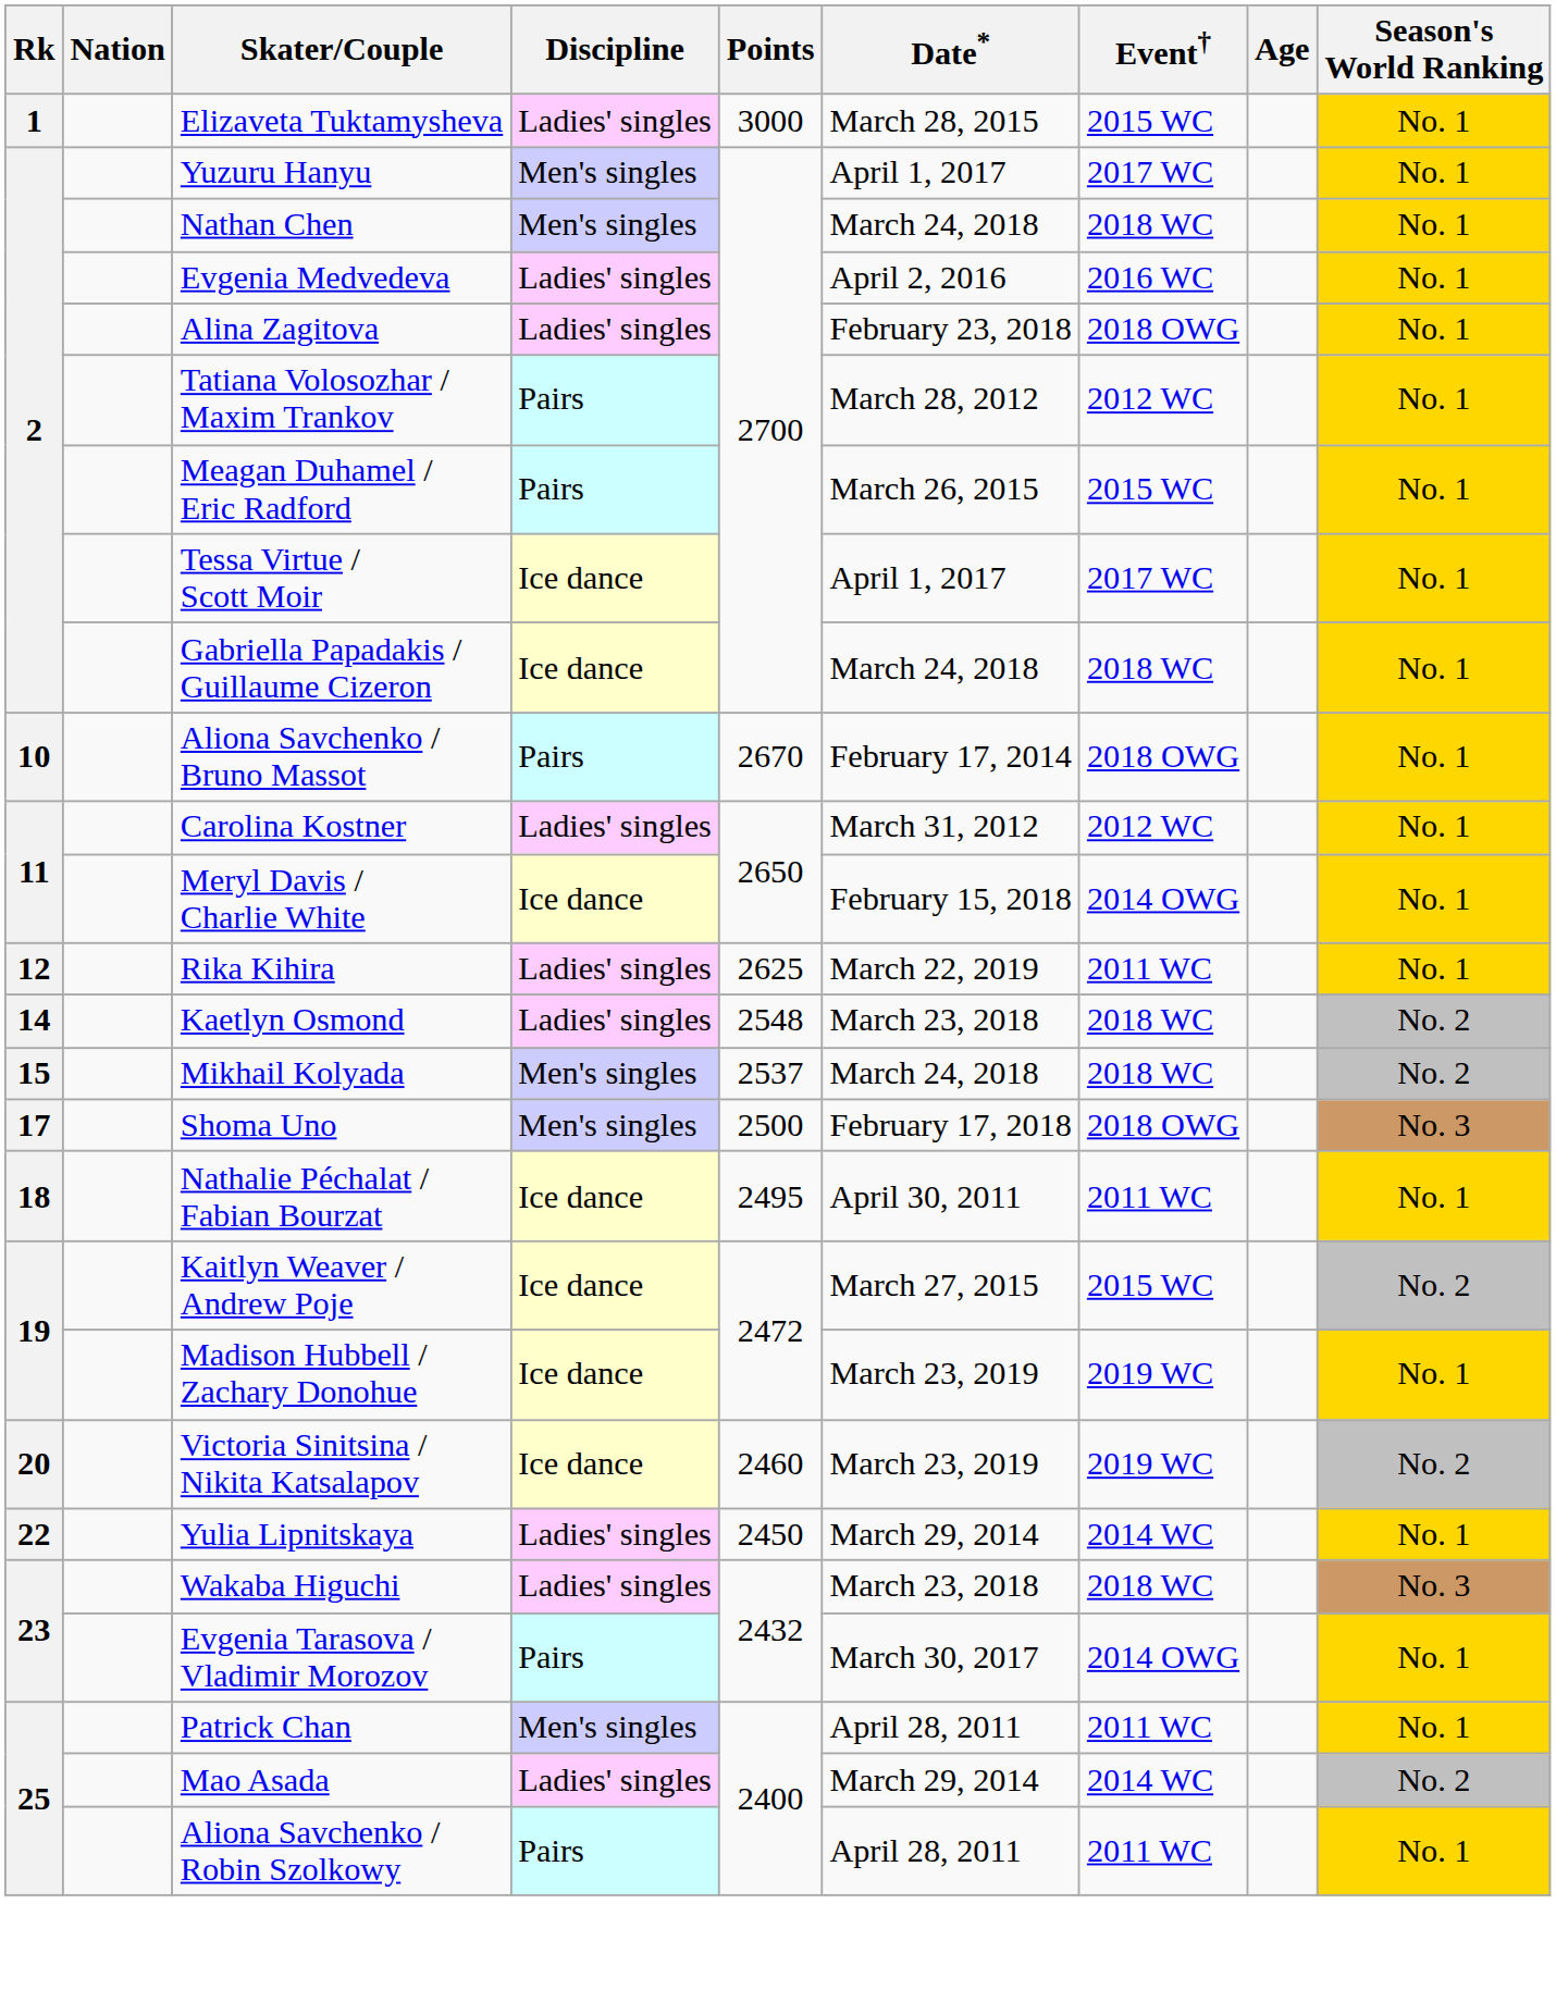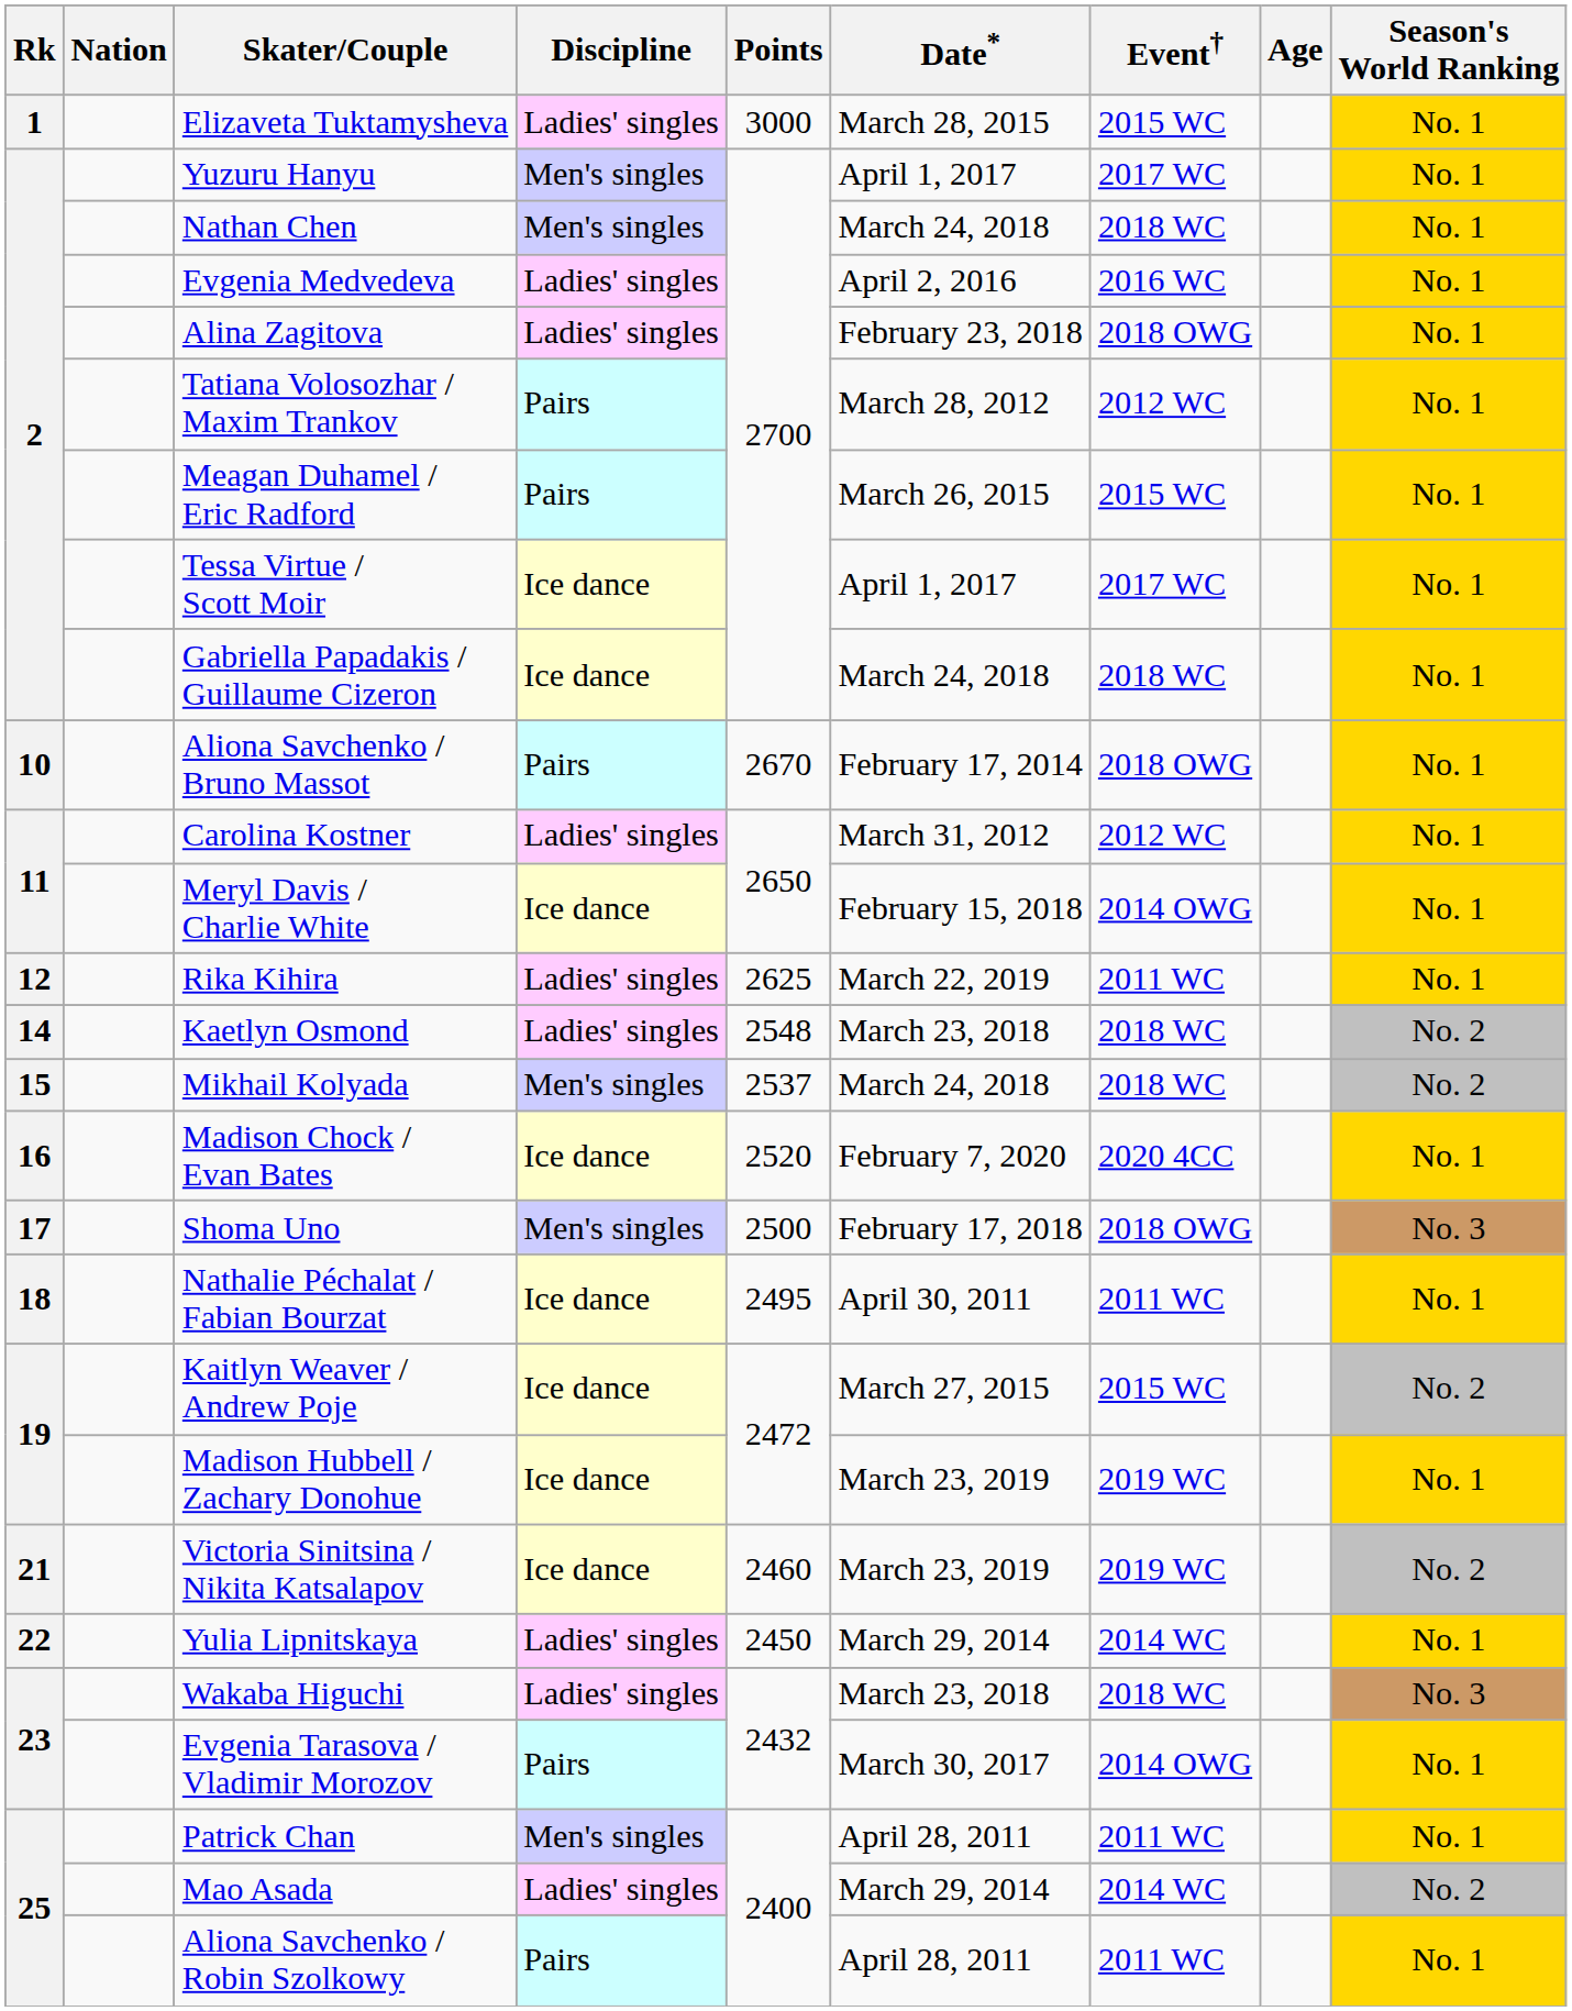 <table class="wikitable sortable">
 <tr>
 <th>Rk</th>
 <th>Nation</th>
 <th>Skater/Couple</th>
 <th>Discipline</th>
 <th>Points</th>
 <th>Date<sup>*</sup></th>
 <th>Event<sup>†</sup></th>
 <th>Age</th>
 <th>Season's<br>World  Ranking</th>
 </tr>
 <tr>
 <th>1</th>
 <td></td>
 <td><a href='#'>Elizaveta Tuktamysheva</a></td>
 <td style="background-color: #fcf;">Ladies' singles</td>
 <td style="text-align: center;">3000</td>
 <td>March 28, 2015</td>
 <td><a href='#'>2015 WC</a></td>
 <td></td>
 <td style="background-color: gold; text-align: center;">No. 1</td>
 </tr>
 <tr>
 <th rowspan="8">2</th>
 <td></td>
 <td><a href='#'>Yuzuru Hanyu</a></td>
 <td style="background-color: #ccf;">Men's singles</td>
 <td rowspan="8" style="text-align: center;">2700</td>
 <td>April 1, 2017</td>
 <td><a href='#'>2017 WC</a></td>
 <td></td>
 <td style="background-color: gold; text-align: center;">No. 1</td>
 </tr>
 <tr>
 <td></td>
 <td><a href='#'>Nathan Chen</a></td>
 <td style="background-color: #ccf;">Men's singles</td>
 <td>March 24, 2018</td>
 <td><a href='#'>2018 WC</a></td>
 <td></td>
 <td style="background-color: gold; text-align: center;">No. 1</td>
 </tr>
 <tr>
 <td></td>
 <td><a href='#'>Evgenia Medvedeva</a></td>
 <td style="background-color: #fcf;">Ladies' singles</td>
 <td>April 2, 2016</td>
 <td><a href='#'>2016 WC</a></td>
 <td></td>
 <td style="background-color: gold; text-align: center;">No. 1</td>
 </tr>
 <tr>
 <td></td>
 <td><a href='#'>Alina Zagitova</a></td>
 <td style="background-color: #fcf;">Ladies' singles</td>
 <td>February 23, 2018</td>
 <td><a href='#'>2018 OWG</a></td>
 <td></td>
 <td style="background-color: gold; text-align: center;">No. 1</td>
 </tr>
 <tr>
 <td></td>
 <td><a href='#'>Tatiana Volosozhar</a> /<br><a href='#'>Maxim Trankov</a></td>
 <td style="background-color: #cff;">Pairs</td>
 <td>March 28, 2012</td>
 <td><a href='#'>2012 WC</a></td>
 <td><br></td>
 <td style="background-color: gold; text-align: center;">No. 1</td>
 </tr>
 <tr>
 <td></td>
 <td><a href='#'>Meagan Duhamel</a> /<br><a href='#'>Eric Radford</a></td>
 <td style="background-color: #cff;">Pairs</td>
 <td>March 26, 2015</td>
 <td><a href='#'>2015 WC</a></td>
 <td><br></td>
 <td style="background-color: gold; text-align: center;">No. 1</td>
 </tr>
 <tr>
 <td></td>
 <td><a href='#'>Tessa Virtue</a> /<br><a href='#'>Scott Moir</a></td>
 <td style="background-color: #ffc;">Ice dance</td>
 <td>April 1, 2017</td>
 <td><a href='#'>2017 WC</a></td>
 <td><br></td>
 <td style="background-color: gold; text-align: center;">No. 1</td>
 </tr>
 <tr>
 <td></td>
 <td><a href='#'>Gabriella Papadakis</a> /<br><a href='#'>Guillaume Cizeron</a></td>
 <td style="background-color: #ffc;">Ice dance</td>
 <td>March 24, 2018</td>
 <td><a href='#'>2018 WC</a></td>
 <td><br></td>
 <td style="background-color: gold; text-align: center;">No. 1</td>
 </tr>
 <tr>
 <th>10</th>
 <td></td>
 <td><a href='#'>Aliona Savchenko</a> /<br><a href='#'>Bruno Massot</a></td>
 <td style="background-color: #cff;">Pairs</td>
 <td style="text-align: center;">2670</td>
 <td>February 17, 2014</td>
 <td><a href='#'>2018 OWG</a></td>
 <td><br></td>
 <td style="background-color: gold; text-align: center;">No. 1</td>
 </tr>
 <tr>
 <th rowspan="2">11</th>
 <td></td>
 <td><a href='#'>Carolina Kostner</a></td>
 <td style="background-color: #fcf;">Ladies' singles</td>
 <td rowspan="2" style="text-align: center;">2650</td>
 <td>March 31, 2012</td>
 <td><a href='#'>2012 WC</a></td>
 <td></td>
 <td style="background-color: gold; text-align: center;">No. 1</td>
 </tr>
 <tr>
 <td></td>
 <td><a href='#'>Meryl Davis</a> /<br><a href='#'>Charlie White</a></td>
 <td style="background-color: #ffc;">Ice dance</td>
 <td>February 15, 2018</td>
 <td><a href='#'>2014 OWG</a></td>
 <td><br></td>
 <td style="background-color: gold; text-align: center;">No. 1</td>
 </tr>
 <tr>
 <th>12</th>
 <td></td>
 <td><a href='#'>Rika Kihira</a></td>
 <td style="background-color: #fcf;">Ladies' singles</td>
 <td style="text-align: center;">2625</td>
 <td>March 22, 2019</td>
 <td><a href='#'>2011 WC</a></td>
 <td></td>
 <td style="background-color: gold; text-align: center;">No. 1</td>
 </tr>
 <tr>
 <th>14</th>
 <td></td>
 <td><a href='#'>Kaetlyn Osmond</a></td>
 <td style="background-color: #fcf;">Ladies' singles</td>
 <td style="text-align: center;">2548</td>
 <td>March 23, 2018</td>
 <td><a href='#'>2018 WC</a></td>
 <td></td>
 <td style="background-color: silver; text-align: center;">No. 2</td>
 </tr>
 <tr>
 <th>15</th>
 <td></td>
 <td><a href='#'>Mikhail Kolyada</a></td>
 <td style="background-color: #ccf;">Men's singles</td>
 <td style="text-align: center;">2537</td>
 <td>March 24, 2018</td>
 <td><a href='#'>2018 WC</a></td>
 <td></td>
 <td style="background-color: silver; text-align: center;">No. 2</td>
 </tr>
 <tr>
+<th>16</th>
+<td></td>
+<td><a href='#'>Madison Chock</a> /<br><a href='#'>Evan Bates</a></td>
+<td style="background-color: #ffc;">Ice dance</td>
+<td style="text-align: center;">2520</td>
+<td>February 7, 2020</td>
+<td><a href='#'>2020 4CC</a></td>
+<td><br></td>
+<td style="background-color: gold; text-align: center;">No. 1</td>
+</tr>
+<tr>
 <th>17</th>
 <td></td>
 <td><a href='#'>Shoma Uno</a></td>
 <td style="background-color: #ccf;">Men's singles</td>
 <td style="text-align: center;">2500</td>
 <td>February 17, 2018</td>
 <td><a href='#'>2018 OWG</a></td>
 <td></td>
 <td style="background-color: #cc9966; text-align: center;">No. 3</td>
 </tr>
 <tr>
 <th>18</th>
 <td></td>
 <td><a href='#'>Nathalie Péchalat</a> /<br><a href='#'>Fabian Bourzat</a></td>
 <td style="background-color: #ffc;">Ice dance</td>
 <td style="text-align: center;">2495</td>
 <td>April 30, 2011</td>
 <td><a href='#'>2011 WC</a></td>
 <td><br></td>
 <td style="background-color: gold; text-align: center;">No. 1</td>
 </tr>
 <tr>
 <th rowspan="2">19</th>
 <td></td>
 <td><a href='#'>Kaitlyn Weaver</a> /<br><a href='#'>Andrew Poje</a></td>
 <td style="background-color: #ffc;">Ice dance</td>
 <td rowspan="2" style="text-align: center;">2472</td>
 <td>March 27, 2015</td>
 <td><a href='#'>2015 WC</a></td>
 <td><br></td>
 <td style="background-color: silver; text-align: center;">No. 2</td>
 </tr>
 <tr>
 <td></td>
 <td><a href='#'>Madison Hubbell</a> /<br><a href='#'>Zachary Donohue</a></td>
 <td style="background-color: #ffc;">Ice dance</td>
 <td>March 23, 2019</td>
 <td><a href='#'>2019 WC</a></td>
 <td><br></td>
 <td style="background-color: gold; text-align: center;">No. 1</td>
 </tr>
 <tr>
-<th>20</th>
+<th>21</th>
 <td></td>
 <td><a href='#'>Victoria Sinitsina</a> /<br><a href='#'>Nikita Katsalapov</a></td>
 <td style="background-color: #ffc;">Ice dance</td>
 <td style="text-align: center;">2460</td>
 <td>March 23, 2019</td>
 <td><a href='#'>2019 WC</a></td>
 <td><br></td>
 <td style="background-color: silver; text-align: center;">No. 2</td>
 </tr>
 <tr>
 <th>22</th>
 <td></td>
 <td><a href='#'>Yulia Lipnitskaya</a></td>
 <td style="background-color: #fcf;">Ladies' singles</td>
 <td style="text-align: center;">2450</td>
 <td>March 29, 2014</td>
 <td><a href='#'>2014 WC</a></td>
 <td></td>
 <td style="background-color: gold; text-align: center;">No. 1</td>
 </tr>
 <tr>
 <th rowspan="2">23</th>
 <td></td>
 <td><a href='#'>Wakaba Higuchi</a></td>
 <td style="background-color: #fcf;">Ladies' singles</td>
 <td rowspan="2" style="text-align: center;">2432</td>
 <td>March 23, 2018</td>
 <td><a href='#'>2018 WC</a></td>
 <td></td>
 <td style="background-color: #cc9966; text-align: center;">No. 3</td>
 </tr>
 <tr>
 <td></td>
 <td><a href='#'>Evgenia Tarasova</a> /<br><a href='#'>Vladimir Morozov</a></td>
 <td style="background-color: #cff;">Pairs</td>
 <td>March 30, 2017</td>
 <td><a href='#'>2014 OWG</a></td>
 <td><br></td>
 <td style="background-color: gold; text-align: center;">No. 1</td>
 </tr>
 <tr>
 <th rowspan="3">25</th>
 <td></td>
 <td><a href='#'>Patrick Chan</a></td>
 <td style="background-color: #ccf;">Men's singles</td>
 <td rowspan="3" style="text-align: center;">2400</td>
 <td>April 28, 2011</td>
 <td><a href='#'>2011 WC</a></td>
 <td></td>
 <td style="background-color: gold; text-align: center;">No. 1</td>
 </tr>
 <tr>
 <td></td>
 <td><a href='#'>Mao Asada</a></td>
 <td style="background-color: #fcf;">Ladies' singles</td>
 <td>March 29, 2014</td>
 <td><a href='#'>2014 WC</a></td>
 <td></td>
 <td style="background-color: silver; text-align: center;">No. 2</td>
 </tr>
 <tr>
 <td></td>
 <td><a href='#'>Aliona Savchenko</a> /<br><a href='#'>Robin Szolkowy</a></td>
 <td style="background-color: #cff;">Pairs</td>
 <td>April 28, 2011</td>
 <td><a href='#'>2011 WC</a></td>
 <td><br></td>
 <td style="background-color: gold; text-align: center;">No. 1</td>
 </tr>
 </table>
